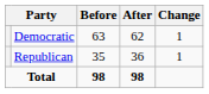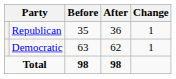 <table class="wikitable" style="text-align:center;">
 <tr>
 <th colspan="2">Party</th>
 <th>Before</th>
 <th>After</th>
 <th>Change</th>
 </tr>
 <tr>
 <th style="background-color:"></th>
-<td style="text-align:left;"><a href='#'>Democratic</a></td>
-<td>63</td>
-<td>62</td>
+<td style="text-align:left;"><a href='#'>Republican</a></td>
+<td>35</td>
+<td>36</td>
 <td> 1</td>
 </tr>
 <tr>
 <th style="background-color:"></th>
-<td style="text-align:left;"><a href='#'>Republican</a></td>
-<td>35</td>
-<td>36</td>
+<td style="text-align:left;"><a href='#'>Democratic</a></td>
+<td>63</td>
+<td>62</td>
 <td> 1</td>
 </tr>
 <tr>
 <td colspan="2"><strong>Total</strong></td>
 <td><strong>98</strong></td>
 <td><strong>98</strong></td>
 <td></td>
 </tr>
 </table>
